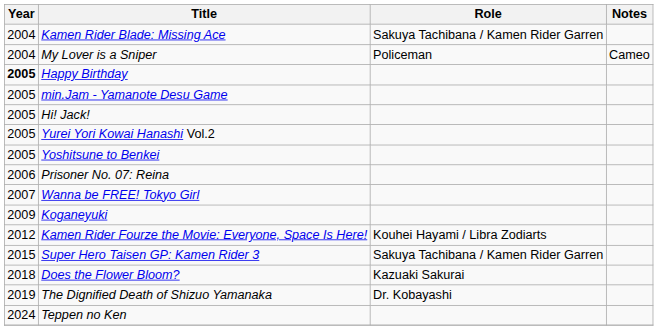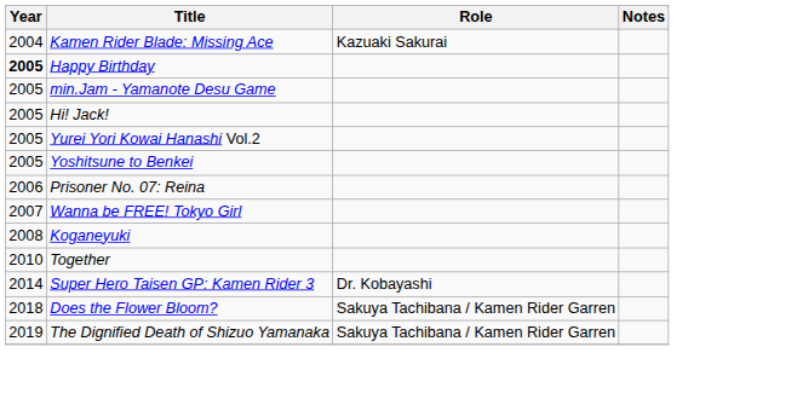 <table class="wikitable">
 <tr>
 <th>Year</th>
 <th>Title</th>
 <th>Role</th>
 <th>Notes</th>
 </tr>
 <tr>
 <td>2004</td>
 <td><em><a href='#'>Kamen Rider Blade: Missing Ace</a></em></td>
-<td>Sakuya Tachibana / Kamen Rider Garren</td>
+<td>Kazuaki Sakurai</td>
 <td></td>
-</tr>
-<tr>
-<td>2004</td>
-<td><em>My Lover is a Sniper</em></td>
-<td>Policeman</td>
-<td>Cameo</td>
 </tr>
 <tr>
 <td><strong>2005</strong></td>
 <td><em><a href='#'>Happy Birthday</a></em></td>
 <td></td>
 <td></td>
 </tr>
 <tr>
 <td>2005</td>
 <td><em><a href='#'>min.Jam - Yamanote Desu Game</a></em></td>
 <td></td>
 <td></td>
 </tr>
 <tr>
 <td>2005</td>
 <td><em>Hi! Jack!</em></td>
 <td></td>
 <td></td>
 </tr>
 <tr>
 <td>2005</td>
 <td><em><a href='#'>Yurei Yori Kowai Hanashi</a></em> Vol.2</td>
 <td></td>
 <td></td>
 </tr>
 <tr>
 <td>2005</td>
 <td><em><a href='#'>Yoshitsune to Benkei</a></em></td>
 <td></td>
 <td></td>
 </tr>
 <tr>
 <td>2006</td>
 <td><em>Prisoner No. 07: Reina</em></td>
 <td></td>
 <td></td>
 </tr>
 <tr>
 <td>2007</td>
 <td><em><a href='#'>Wanna be FREE! Tokyo Girl</a></em></td>
 <td></td>
 <td></td>
 </tr>
 <tr>
-<td>2009</td>
+<td>2008</td>
 <td><em><a href='#'>Koganeyuki</a></em></td>
 <td></td>
 <td></td>
 </tr>
 <tr>
-<td>2012</td>
-<td><em><a href='#'>Kamen Rider Fourze the Movie: Everyone, Space Is Here!</a></em></td>
-<td>Kouhei Hayami / Libra Zodiarts</td>
+<td>2010</td>
+<td><em>Together</em></td>
+<td></td>
 <td></td>
 </tr>
 <tr>
-<td>2015</td>
+<td>2014</td>
 <td><em><a href='#'>Super Hero Taisen GP: Kamen Rider 3</a></em></td>
-<td>Sakuya Tachibana / Kamen Rider Garren</td>
+<td>Dr. Kobayashi</td>
 <td></td>
 </tr>
 <tr>
 <td>2018</td>
 <td><em><a href='#'>Does the Flower Bloom?</a></em></td>
-<td>Kazuaki Sakurai</td>
+<td>Sakuya Tachibana / Kamen Rider Garren</td>
 <td></td>
 </tr>
 <tr>
 <td>2019</td>
 <td><em>The Dignified Death of Shizuo Yamanaka</em></td>
-<td>Dr. Kobayashi</td>
-<td></td>
-</tr>
-<tr>
-<td>2024</td>
-<td><em>Teppen no Ken</em></td>
-<td></td>
+<td>Sakuya Tachibana / Kamen Rider Garren</td>
 <td></td>
 </tr>
 <tr>
 </tr>
 </table>
